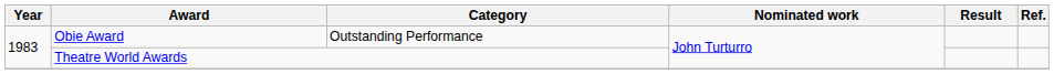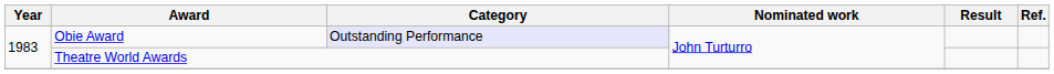 <table class=wikitable>
 <tr>
 <th scope="col" style="width:3em;">Year</th>
 <th scope="col" style="width:20em;">Award</th>
 <th scope="col" style="width:25em;">Category</th>
 <th scope="col" style="width:20em;">Nominated work</th>
 <th scope="col" style="width:5em;">Result</th>
 <th>Ref.</th>
 </tr>
 <tr>
 <td rowspan=2>1983</td>
 <td><a href='#'>Obie Award</a></td>
-<td>Outstanding Performance</td>
+<td style="background: lavender;">Outstanding Performance</td>
 <td rowspan=2><a href='#'>John Turturro</a></td>
 <td></td>
 <td></td>
 </tr>
 <tr>
 <td colspan=2><a href='#'>Theatre World Awards</a></td>
 <td></td>
 <td></td>
 </tr>
 <tr>
 </tr>
 </table>
